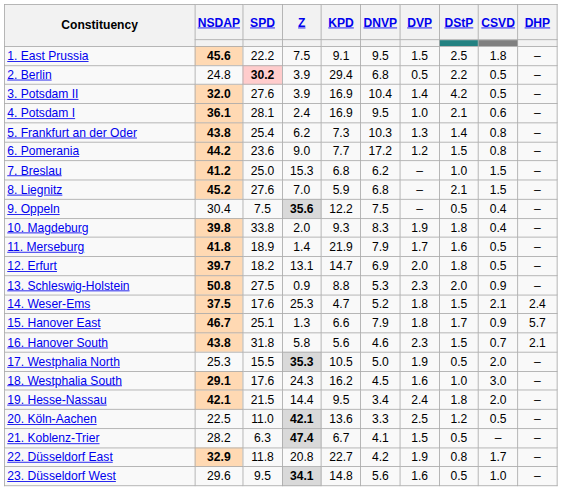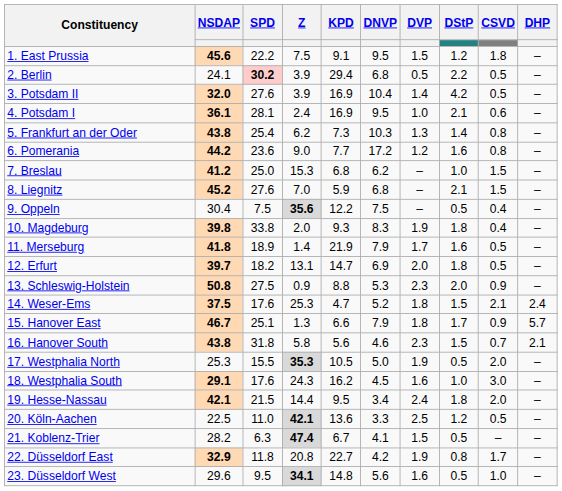 <table class="wikitable sortable" style="text-align:center; font-size:90%;">
 <tr style="height:42px; text-align:center; background-color:#E9E9E9;">
 <th rowspan="2" style="width:220px;">Constituency</th>
 <th style="width:40px;"><a href='#'>NSDAP</a></th>
 <th style="width:40px;"><a href='#'>SPD</a></th>
 <th style="width:40px;"><a href='#'>Z</a></th>
 <th style="width:40px;"><a href='#'>KPD</a></th>
 <th style="width:40px;"><a href='#'>DNVP</a></th>
 <th style="width:40px;"><a href='#'>DVP</a></th>
 <th style="width:40px;"><a href='#'>DStP</a></th>
 <th style="width:40px;"><a href='#'>CSVD</a></th>
 <th style="width:40px;"><a href='#'>DHP</a></th>
 </tr>
 <tr>
 <th data-sort-type="number" style="height:1px; background:"></th>
 <th data-sort-type="number" style="height:1px; background:"></th>
 <th data-sort-type="number" style="height:1px; background:"></th>
 <th data-sort-type="number" style="height:1px; background:"></th>
 <th data-sort-type="number" style="height:1px; background:"></th>
 <th data-sort-type="number" style="height:1px; background:"></th>
 <th data-sort-type="number" style="height:1px; background:#238282;"></th>
 <th data-sort-type="number" style="height:1px; background:#808080;"></th>
 <th data-sort-type="number" style="height:1px; background:"></th>
 </tr>
 <tr>
 <td align="left"><a href='#'>1. East Prussia</a></td>
 <td style="background:#FFD9B3"><strong>45.6</strong></td>
 <td>22.2</td>
 <td>7.5</td>
 <td>9.1</td>
 <td>9.5</td>
 <td>1.5</td>
-<td>2.5</td>
+<td>1.2</td>
 <td>1.8</td>
 <td>–</td>
 </tr>
 <tr>
 <td align="left"><a href='#'>2. Berlin</a></td>
-<td>24.8</td>
+<td>24.1</td>
 <td style="background:#FFCCCC"><strong>30.2</strong></td>
 <td>3.9</td>
 <td>29.4</td>
 <td>6.8</td>
 <td>0.5</td>
 <td>2.2</td>
 <td>0.5</td>
 <td>–</td>
 </tr>
 <tr>
 <td align="left"><a href='#'>3. Potsdam II</a></td>
 <td style="background:#FFD9B3"><strong>32.0</strong></td>
 <td>27.6</td>
 <td>3.9</td>
 <td>16.9</td>
 <td>10.4</td>
 <td>1.4</td>
 <td>4.2</td>
 <td>0.5</td>
 <td>–</td>
 </tr>
 <tr>
 <td align="left"><a href='#'>4. Potsdam I</a></td>
 <td style="background:#FFD9B3"><strong>36.1</strong></td>
 <td>28.1</td>
 <td>2.4</td>
 <td>16.9</td>
 <td>9.5</td>
 <td>1.0</td>
 <td>2.1</td>
 <td>0.6</td>
 <td>–</td>
 </tr>
 <tr>
 <td align="left"><a href='#'>5. Frankfurt an der Oder</a></td>
 <td style="background:#FFD9B3"><strong>43.8</strong></td>
 <td>25.4</td>
 <td>6.2</td>
 <td>7.3</td>
 <td>10.3</td>
 <td>1.3</td>
 <td>1.4</td>
 <td>0.8</td>
 <td>–</td>
 </tr>
 <tr>
 <td align="left"><a href='#'>6. Pomerania</a></td>
 <td style="background:#FFD9B3"><strong>44.2</strong></td>
 <td>23.6</td>
 <td>9.0</td>
 <td>7.7</td>
 <td>17.2</td>
 <td>1.2</td>
-<td>1.5</td>
+<td>1.6</td>
 <td>0.8</td>
 <td>–</td>
 </tr>
 <tr>
 <td align="left"><a href='#'>7. Breslau</a></td>
 <td style="background:#FFD9B3"><strong>41.2</strong></td>
 <td>25.0</td>
 <td>15.3</td>
 <td>6.8</td>
 <td>6.2</td>
 <td>–</td>
 <td>1.0</td>
 <td>1.5</td>
 <td>–</td>
 </tr>
 <tr>
 <td align="left"><a href='#'>8. Liegnitz</a></td>
 <td style="background:#FFD9B3"><strong>45.2</strong></td>
 <td>27.6</td>
 <td>7.0</td>
 <td>5.9</td>
 <td>6.8</td>
 <td>–</td>
 <td>2.1</td>
 <td>1.5</td>
 <td>–</td>
 </tr>
 <tr>
 <td align="left"><a href='#'>9. Oppeln</a></td>
 <td>30.4</td>
 <td>7.5</td>
 <td style="background:#D9D9D9"><strong>35.6</strong></td>
 <td>12.2</td>
 <td>7.5</td>
 <td>–</td>
 <td>0.5</td>
 <td>0.4</td>
 <td>–</td>
 </tr>
 <tr>
 <td align="left"><a href='#'>10. Magdeburg</a></td>
 <td style="background:#FFD9B3"><strong>39.8</strong></td>
 <td>33.8</td>
 <td>2.0</td>
 <td>9.3</td>
 <td>8.3</td>
 <td>1.9</td>
 <td>1.8</td>
 <td>0.4</td>
 <td>–</td>
 </tr>
 <tr>
 <td align="left"><a href='#'>11. Merseburg</a></td>
 <td style="background:#FFD9B3"><strong>41.8</strong></td>
 <td>18.9</td>
 <td>1.4</td>
 <td>21.9</td>
 <td>7.9</td>
 <td>1.7</td>
 <td>1.6</td>
 <td>0.5</td>
 <td>–</td>
 </tr>
 <tr>
 <td align="left"><a href='#'>12. Erfurt</a></td>
 <td style="background:#FFD9B3"><strong>39.7</strong></td>
 <td>18.2</td>
 <td>13.1</td>
 <td>14.7</td>
 <td>6.9</td>
 <td>2.0</td>
 <td>1.8</td>
 <td>0.5</td>
 <td>–</td>
 </tr>
 <tr>
 <td align="left"><a href='#'>13. Schleswig-Holstein</a></td>
 <td style="background:#FFD9B3"><strong>50.8</strong></td>
 <td>27.5</td>
 <td>0.9</td>
 <td>8.8</td>
 <td>5.3</td>
 <td>2.3</td>
 <td>2.0</td>
 <td>0.9</td>
 <td>–</td>
 </tr>
 <tr>
 <td align="left"><a href='#'>14. Weser-Ems</a></td>
 <td style="background:#FFD9B3"><strong>37.5</strong></td>
 <td>17.6</td>
 <td>25.3</td>
 <td>4.7</td>
 <td>5.2</td>
 <td>1.8</td>
 <td>1.5</td>
 <td>2.1</td>
 <td>2.4</td>
 </tr>
 <tr>
 <td align="left"><a href='#'>15. Hanover East</a></td>
 <td style="background:#FFD9B3"><strong>46.7</strong></td>
 <td>25.1</td>
 <td>1.3</td>
 <td>6.6</td>
 <td>7.9</td>
 <td>1.8</td>
 <td>1.7</td>
 <td>0.9</td>
 <td>5.7</td>
 </tr>
 <tr>
 <td align="left"><a href='#'>16. Hanover South</a></td>
 <td style="background:#FFD9B3"><strong>43.8</strong></td>
 <td>31.8</td>
 <td>5.8</td>
 <td>5.6</td>
 <td>4.6</td>
 <td>2.3</td>
 <td>1.5</td>
 <td>0.7</td>
 <td>2.1</td>
 </tr>
 <tr>
 <td align="left"><a href='#'>17. Westphalia North</a></td>
 <td>25.3</td>
 <td>15.5</td>
 <td style="background:#D9D9D9"><strong>35.3</strong></td>
 <td>10.5</td>
 <td>5.0</td>
 <td>1.9</td>
 <td>0.5</td>
 <td>2.0</td>
 <td>–</td>
 </tr>
 <tr>
 <td align="left"><a href='#'>18. Westphalia South</a></td>
 <td style="background:#FFD9B3"><strong>29.1</strong></td>
 <td>17.6</td>
 <td>24.3</td>
 <td>16.2</td>
 <td>4.5</td>
 <td>1.6</td>
 <td>1.0</td>
 <td>3.0</td>
 <td>–</td>
 </tr>
 <tr>
 <td align="left"><a href='#'>19. Hesse-Nassau</a></td>
 <td style="background:#FFD9B3"><strong>42.1</strong></td>
 <td>21.5</td>
 <td>14.4</td>
 <td>9.5</td>
 <td>3.4</td>
 <td>2.4</td>
 <td>1.8</td>
 <td>2.0</td>
 <td>–</td>
 </tr>
 <tr>
 <td align="left"><a href='#'>20. Köln-Aachen</a></td>
 <td>22.5</td>
 <td>11.0</td>
 <td style="background:#D9D9D9"><strong>42.1</strong></td>
 <td>13.6</td>
 <td>3.3</td>
 <td>2.5</td>
 <td>1.2</td>
 <td>0.5</td>
 <td>–</td>
 </tr>
 <tr>
 <td align="left"><a href='#'>21. Koblenz-Trier</a></td>
 <td>28.2</td>
 <td>6.3</td>
 <td style="background:#D9D9D9"><strong>47.4</strong></td>
 <td>6.7</td>
 <td>4.1</td>
 <td>1.5</td>
 <td>0.5</td>
 <td>–</td>
 <td>–</td>
 </tr>
 <tr>
 <td align="left"><a href='#'>22. Düsseldorf East</a></td>
 <td style="background:#FFD9B3"><strong>32.9</strong></td>
 <td>11.8</td>
 <td>20.8</td>
 <td>22.7</td>
 <td>4.2</td>
 <td>1.9</td>
 <td>0.8</td>
 <td>1.7</td>
 <td>–</td>
 </tr>
 <tr>
 <td align="left"><a href='#'>23. Düsseldorf West</a></td>
 <td>29.6</td>
 <td>9.5</td>
 <td style="background:#D9D9D9"><strong>34.1</strong></td>
 <td>14.8</td>
 <td>5.6</td>
 <td>1.6</td>
 <td>0.5</td>
 <td>1.0</td>
 <td>–</td>
 </tr>
 </table>
